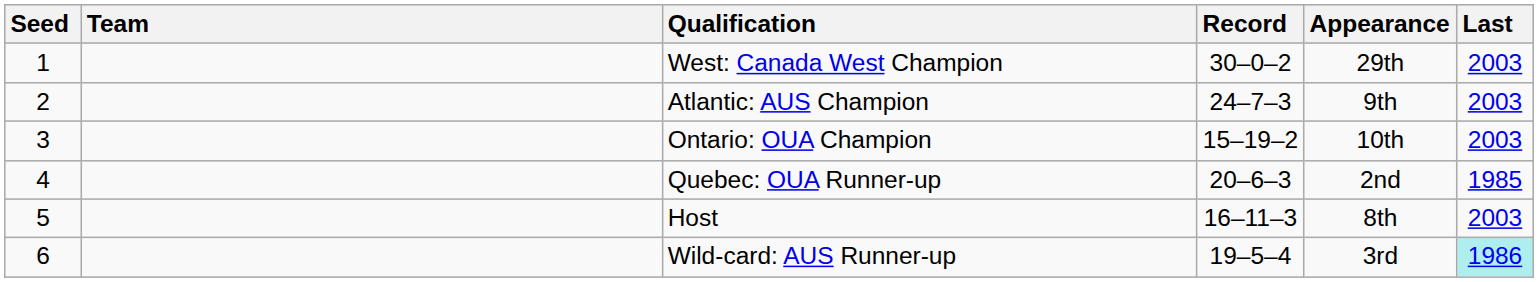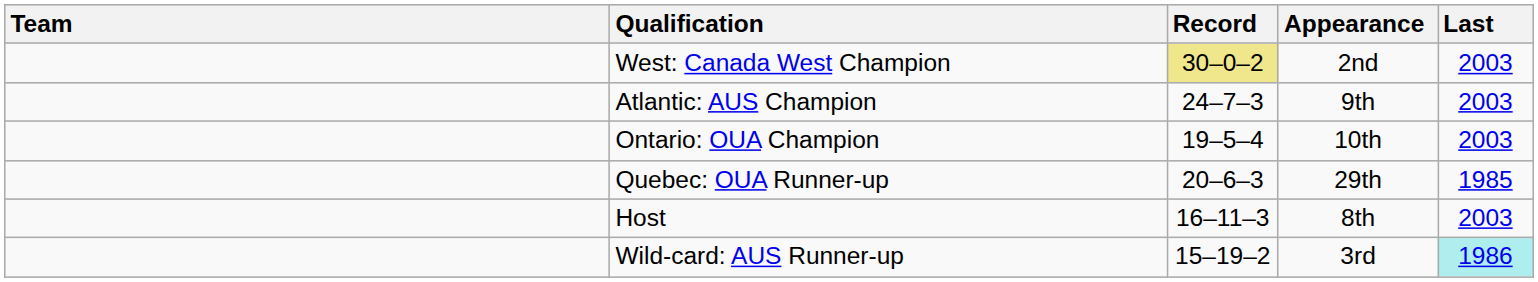 <table class="wikitable sortable" style="text-align: center;" width=1000>
 <tr style="background:#efefef; text-align:center">
-<th style="text-align:left" width=5%>Seed</th>
 <th style="text-align:left" width=38%>Team</th>
 <th style="text-align:left" width=35%>Qualification</th>
 <th style="text-align:left" width=7%>Record</th>
 <th style="text-align:left" width=10%>Appearance</th>
 <th style="text-align:left" width=6%>Last</th>
 </tr>
 <tr style="text-align:center">
-<td style="text-align:center">1</td>
 <td style="text-align:left; "><a href='#'></a></td>
 <td style="text-align:left">West: <a href='#'>Canada West</a> Champion</td>
-<td style="text-align:center">30–0–2</td>
-<td style="text-align:center">29th</td>
+<td style="background: khaki; text-align:center">30–0–2</td>
+<td style="text-align:center">2nd</td>
 <td style="text-align:center"><a href='#'>2003</a></td>
 </tr>
 <tr style="text-align:center">
-<td style="text-align:center">2</td>
 <td style="text-align:left; "><a href='#'></a></td>
 <td style="text-align:left">Atlantic: <a href='#'>AUS</a> Champion</td>
 <td style="text-align:center">24–7–3</td>
 <td style="text-align:center">9th</td>
 <td style="text-align:center"><a href='#'>2003</a></td>
 </tr>
 <tr style="text-align:center">
-<td style="text-align:center">3</td>
 <td style="text-align:left; "><a href='#'></a></td>
 <td style="text-align:left">Ontario: <a href='#'>OUA</a> Champion</td>
-<td style="text-align:center">15–19–2</td>
+<td style="text-align:center">19–5–4</td>
 <td style="text-align:center">10th</td>
 <td style="text-align:center"><a href='#'>2003</a></td>
 </tr>
 <tr style="text-align:center">
-<td style="text-align:center">4</td>
 <td style="text-align:left; "><a href='#'></a></td>
 <td style="text-align:left">Quebec: <a href='#'>OUA</a> Runner-up</td>
 <td style="text-align:center">20–6–3</td>
-<td style="text-align:center">2nd</td>
+<td style="text-align:center">29th</td>
 <td style="text-align:center"><a href='#'>1985</a></td>
 </tr>
 <tr style="text-align:center">
-<td style="text-align:center">5</td>
 <td style="text-align:left; "><a href='#'></a></td>
 <td style="text-align:left">Host</td>
 <td style="text-align:center">16–11–3</td>
 <td style="text-align:center">8th</td>
 <td style="text-align:center"><a href='#'>2003</a></td>
 </tr>
 <tr style="text-align:center">
-<td style="text-align:center">6</td>
 <td style="text-align:left; "><a href='#'></a></td>
 <td style="text-align:left">Wild-card: <a href='#'>AUS</a> Runner-up</td>
-<td style="text-align:center">19–5–4</td>
+<td style="text-align:center">15–19–2</td>
 <td style="text-align:center">3rd</td>
 <td style="background: paleturquoise; text-align:center"><a href='#'>1986</a></td>
 </tr>
 </table>
